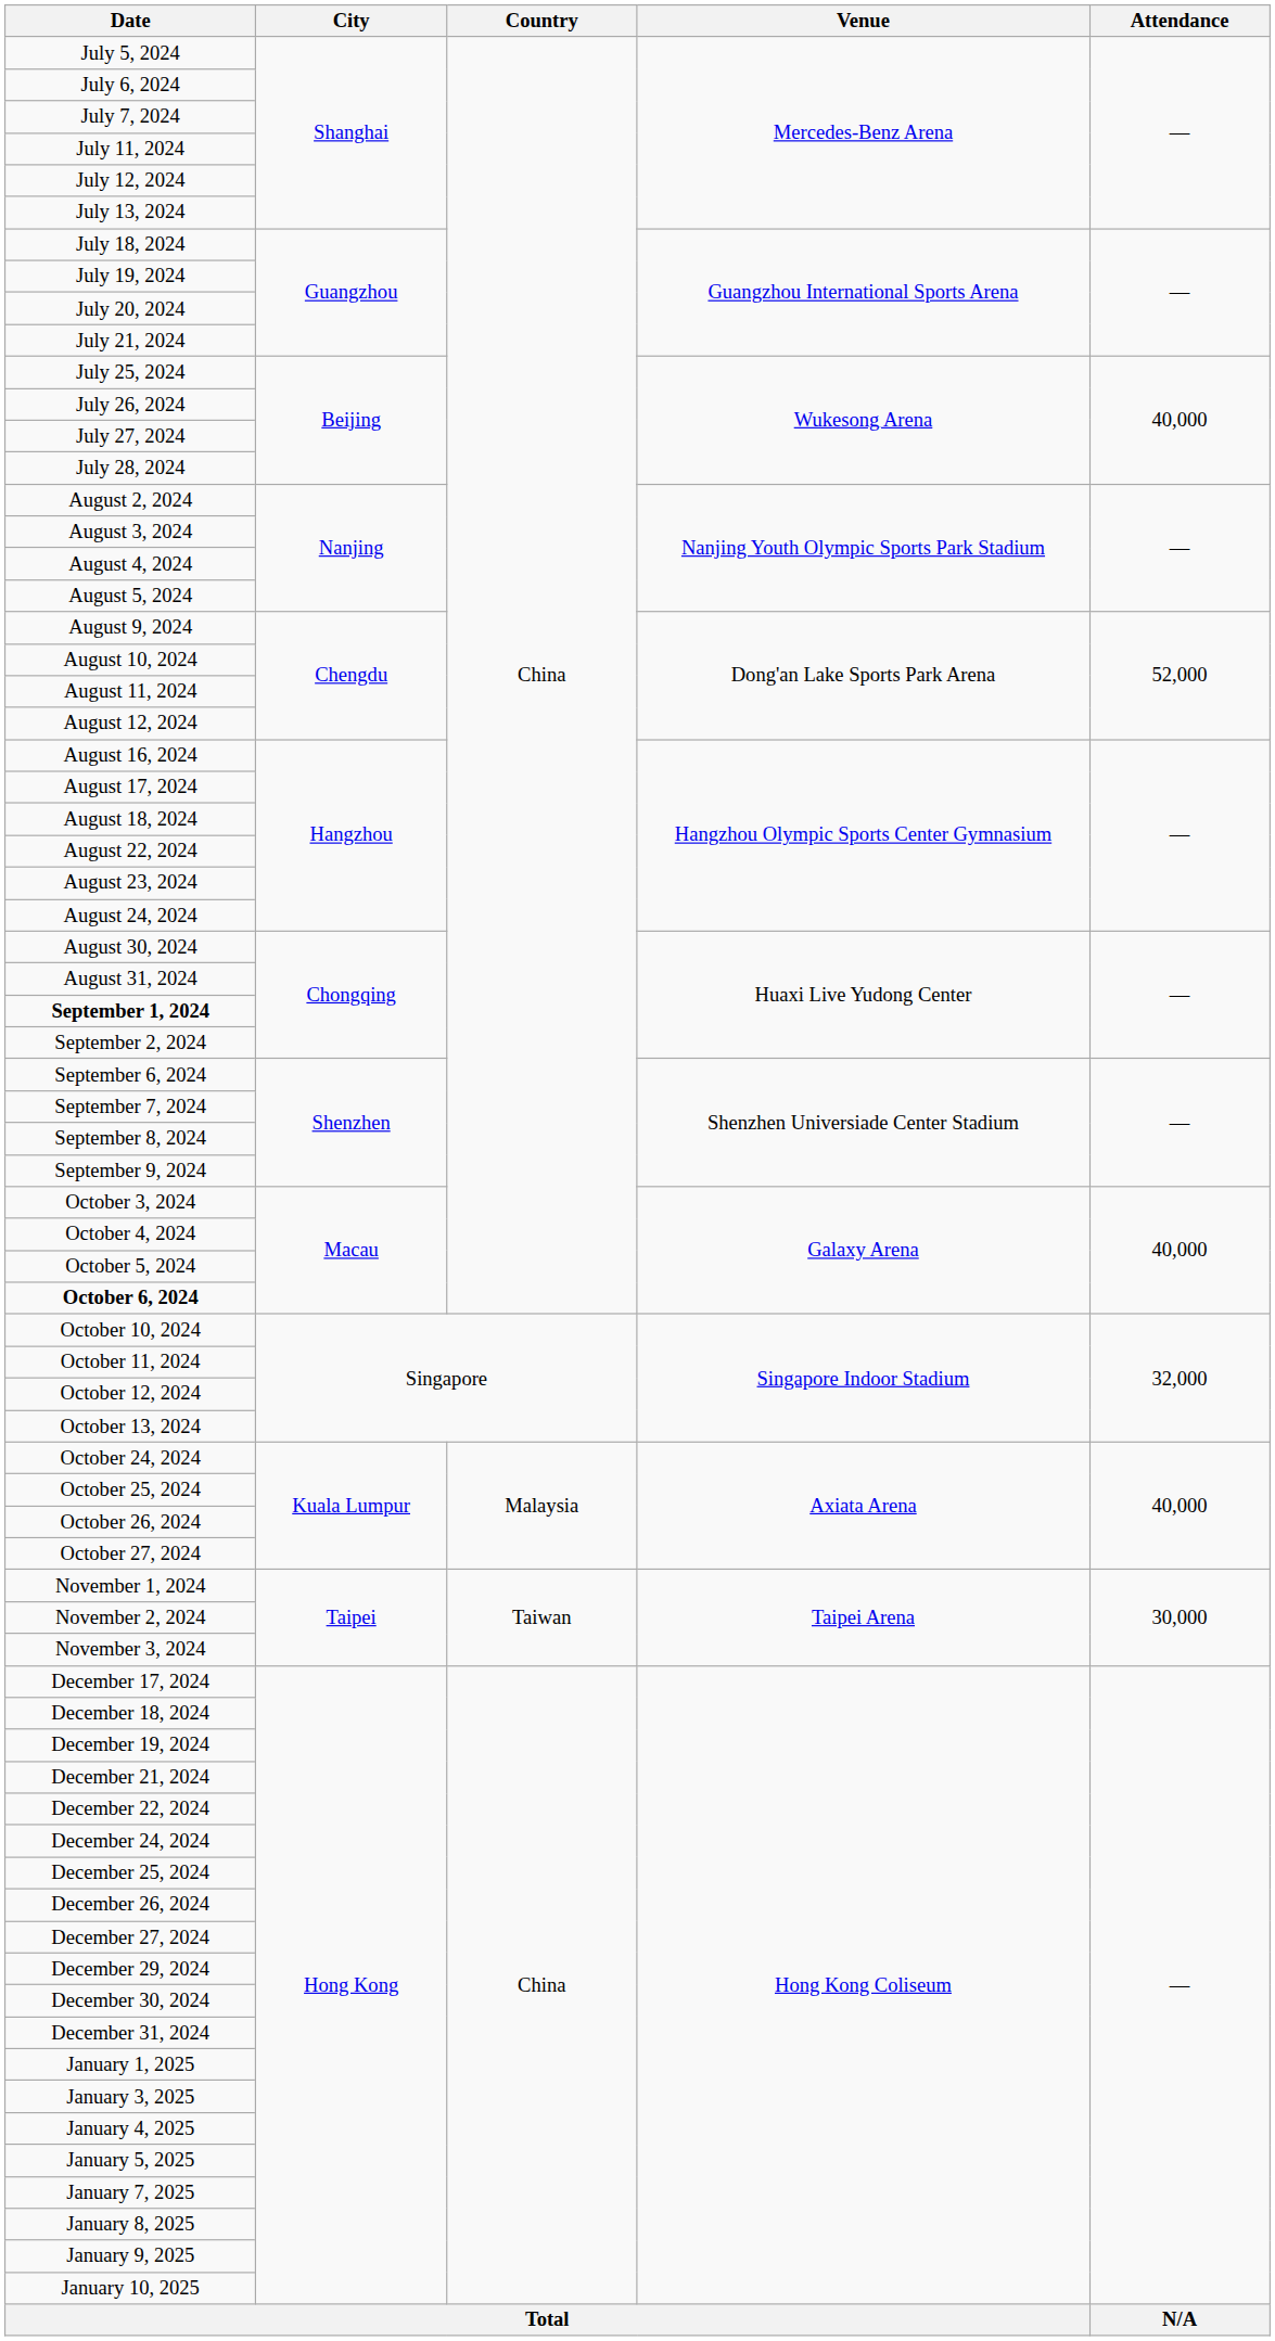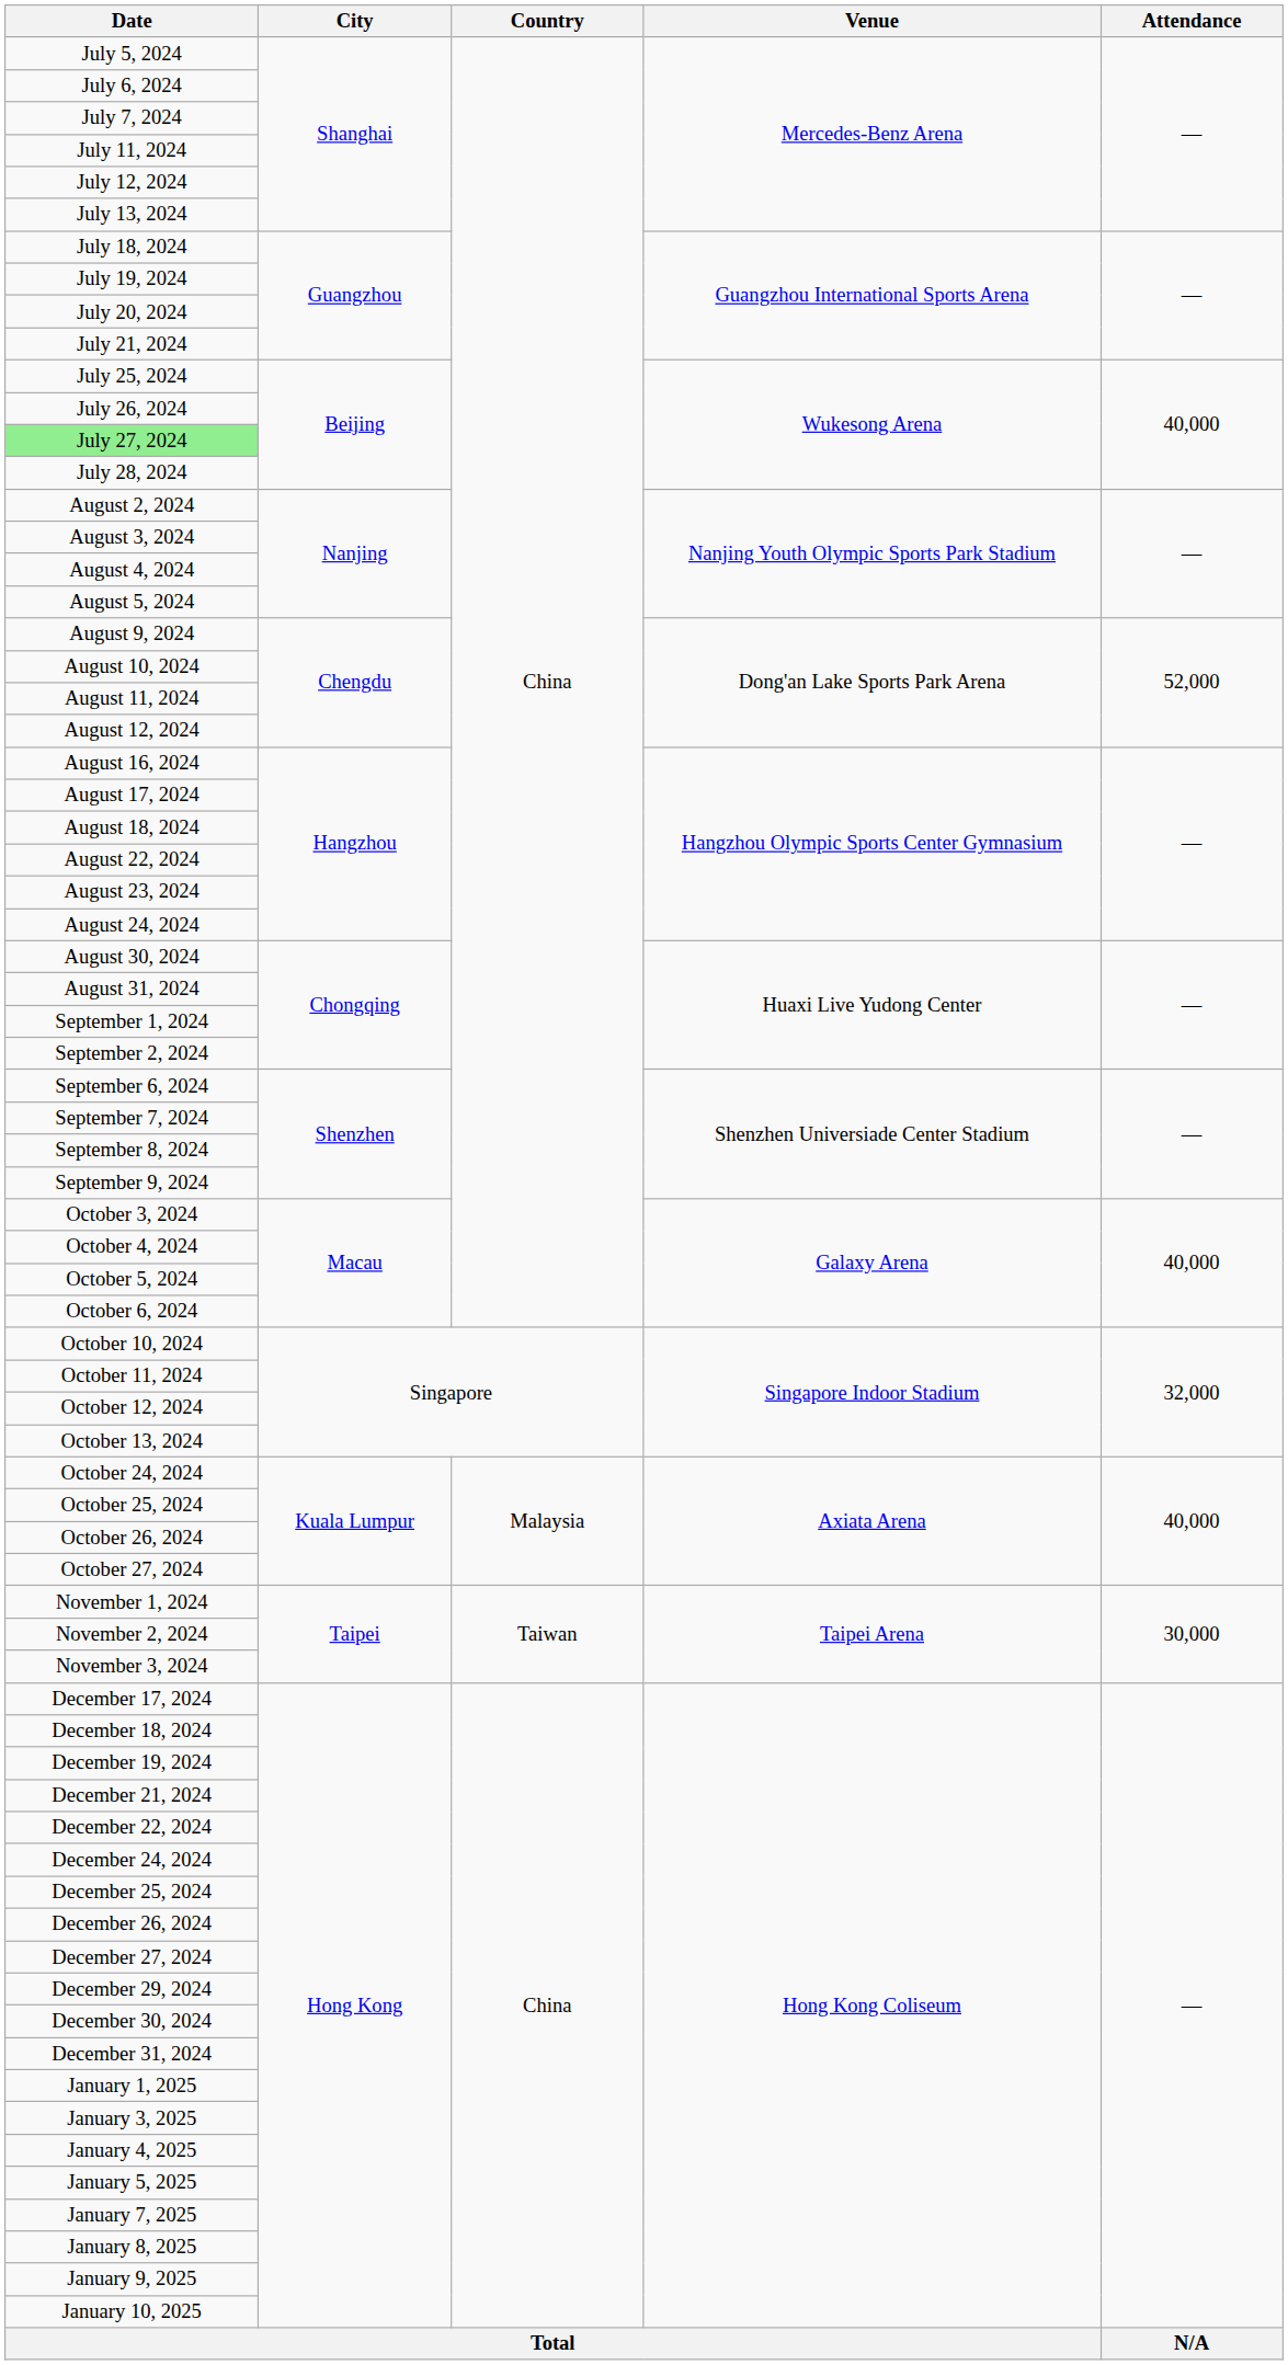 <table class="wikitable plainrowheaders" style="text-align:center;">
 <tr>
 <th scope="col" style="width:12em;">Date</th>
 <th scope="col" style="width:9em;">City</th>
 <th scope="col" style="width:9em;">Country</th>
 <th scope="col" style="width:22em;">Venue</th>
 <th scope="col" style="width:8.5em;">Attendance</th>
 </tr>
 <tr>
 <td>July 5, 2024</td>
 <td rowspan="6"><a href='#'>Shanghai</a></td>
 <td rowspan="40">China</td>
 <td rowspan="6"><a href='#'>Mercedes-Benz Arena</a></td>
 <td rowspan="6">—</td>
 </tr>
 <tr>
 <td>July 6, 2024</td>
 </tr>
 <tr>
 <td>July 7, 2024</td>
 </tr>
 <tr>
 <td>July 11, 2024</td>
 </tr>
 <tr>
 <td>July 12, 2024</td>
 </tr>
 <tr>
 <td>July 13, 2024</td>
 </tr>
 <tr>
 <td>July 18, 2024</td>
 <td rowspan="4"><a href='#'>Guangzhou</a></td>
 <td rowspan="4"><a href='#'>Guangzhou International Sports Arena</a></td>
 <td rowspan="4">—</td>
 </tr>
 <tr>
 <td>July 19, 2024</td>
 </tr>
 <tr>
 <td>July 20, 2024</td>
 </tr>
 <tr>
 <td>July 21, 2024</td>
 </tr>
 <tr>
 <td>July 25, 2024</td>
 <td rowspan="4"><a href='#'>Beijing</a></td>
 <td rowspan="4"><a href='#'>Wukesong Arena</a></td>
 <td rowspan="4">40,000</td>
 </tr>
 <tr>
 <td>July 26, 2024</td>
 </tr>
 <tr>
-<td>July 27, 2024</td>
+<td style="background: lightgreen;">July 27, 2024</td>
 </tr>
 <tr>
 <td>July 28, 2024</td>
 </tr>
 <tr>
 <td>August 2, 2024</td>
 <td rowspan="4"><a href='#'>Nanjing</a></td>
 <td rowspan="4"><a href='#'>Nanjing Youth Olympic Sports Park Stadium</a></td>
 <td rowspan="4">—</td>
 </tr>
 <tr>
 <td>August 3, 2024</td>
 </tr>
 <tr>
 <td>August 4, 2024</td>
 </tr>
 <tr>
 <td>August 5, 2024</td>
 </tr>
 <tr>
 <td>August 9, 2024</td>
 <td rowspan="4"><a href='#'>Chengdu</a></td>
 <td rowspan="4">Dong'an Lake Sports Park Arena</td>
 <td rowspan="4">52,000</td>
 </tr>
 <tr>
 <td>August 10, 2024</td>
 </tr>
 <tr>
 <td>August 11, 2024</td>
 </tr>
 <tr>
 <td>August 12, 2024</td>
 </tr>
 <tr>
 <td>August 16, 2024</td>
 <td rowspan="6"><a href='#'>Hangzhou</a></td>
 <td rowspan="6"><a href='#'>Hangzhou Olympic Sports Center Gymnasium</a></td>
 <td rowspan="6">—</td>
 </tr>
 <tr>
 <td>August 17, 2024</td>
 </tr>
 <tr>
 <td>August 18, 2024</td>
 </tr>
 <tr>
 <td>August 22, 2024</td>
 </tr>
 <tr>
 <td>August 23, 2024</td>
 </tr>
 <tr>
 <td>August 24, 2024</td>
 </tr>
 <tr>
 <td>August 30, 2024</td>
 <td rowspan="4"><a href='#'>Chongqing</a></td>
 <td rowspan="4">Huaxi Live Yudong Center</td>
 <td rowspan="4">—</td>
 </tr>
 <tr>
 <td>August 31, 2024</td>
 </tr>
 <tr>
-<td><strong>September 1, 2024</strong></td>
+<td>September 1, 2024</td>
 </tr>
 <tr>
 <td>September 2, 2024</td>
 </tr>
 <tr>
 <td>September 6, 2024</td>
 <td rowspan="4"><a href='#'>Shenzhen</a></td>
 <td rowspan="4">Shenzhen Universiade Center Stadium</td>
 <td rowspan="4">—</td>
 </tr>
 <tr>
 <td>September 7, 2024</td>
 </tr>
 <tr>
 <td>September 8, 2024</td>
 </tr>
 <tr>
 <td>September 9, 2024</td>
 </tr>
 <tr>
 <td>October 3, 2024</td>
 <td rowspan="4"><a href='#'>Macau</a></td>
 <td rowspan="4"><a href='#'>Galaxy Arena</a></td>
 <td rowspan="4">40,000</td>
 </tr>
 <tr>
 <td>October 4, 2024</td>
 </tr>
 <tr>
 <td>October 5, 2024</td>
 </tr>
 <tr>
-<td><strong>October 6, 2024</strong></td>
+<td>October 6, 2024</td>
 </tr>
 <tr>
 <td>October 10, 2024</td>
 <td colspan="2" rowspan="4">Singapore</td>
 <td rowspan="4"><a href='#'>Singapore Indoor Stadium</a></td>
 <td rowspan="4">32,000</td>
 </tr>
 <tr>
 <td>October 11, 2024</td>
 </tr>
 <tr>
 <td>October 12, 2024</td>
 </tr>
 <tr>
 <td>October 13, 2024</td>
 </tr>
 <tr>
 <td>October 24, 2024</td>
 <td rowspan="4"><a href='#'>Kuala Lumpur</a></td>
 <td rowspan="4">Malaysia</td>
 <td rowspan="4"><a href='#'>Axiata Arena</a></td>
 <td rowspan="4">40,000</td>
 </tr>
 <tr>
 <td>October 25, 2024</td>
 </tr>
 <tr>
 <td>October 26, 2024</td>
 </tr>
 <tr>
 <td>October 27, 2024</td>
 </tr>
 <tr>
 <td>November 1, 2024</td>
 <td rowspan="3"><a href='#'>Taipei</a></td>
 <td rowspan="3">Taiwan</td>
 <td rowspan="3"><a href='#'>Taipei Arena</a></td>
 <td rowspan="3">30,000</td>
 </tr>
 <tr>
 <td>November 2, 2024</td>
 </tr>
 <tr>
 <td>November 3, 2024</td>
 </tr>
 <tr>
 <td>December 17, 2024</td>
 <td rowspan="20"><a href='#'>Hong Kong</a></td>
 <td rowspan="20">China</td>
 <td rowspan="20"><a href='#'>Hong Kong Coliseum</a></td>
 <td rowspan="20">—</td>
 </tr>
 <tr>
 <td>December 18, 2024</td>
 </tr>
 <tr>
 <td>December 19, 2024</td>
 </tr>
 <tr>
 <td>December 21, 2024</td>
 </tr>
 <tr>
 <td>December 22, 2024</td>
 </tr>
 <tr>
 <td>December 24, 2024</td>
 </tr>
 <tr>
 <td>December 25, 2024</td>
 </tr>
 <tr>
 <td>December 26, 2024</td>
 </tr>
 <tr>
 <td>December 27, 2024</td>
 </tr>
 <tr>
 <td>December 29, 2024</td>
 </tr>
 <tr>
 <td>December 30, 2024</td>
 </tr>
 <tr>
 <td>December 31, 2024</td>
 </tr>
 <tr>
 <td>January 1, 2025</td>
 </tr>
 <tr>
 <td>January 3, 2025</td>
 </tr>
 <tr>
 <td>January 4, 2025</td>
 </tr>
 <tr>
 <td>January 5, 2025</td>
 </tr>
 <tr>
 <td>January 7, 2025</td>
 </tr>
 <tr>
 <td>January 8, 2025</td>
 </tr>
 <tr>
 <td>January 9, 2025</td>
 </tr>
 <tr>
 <td>January 10, 2025</td>
 </tr>
 <tr>
 <th colspan="4">Total</th>
 <th>N/A</th>
 </tr>
 </table>
